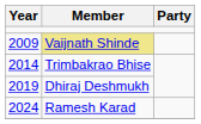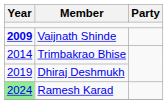 <table class ="wikitable">
 <tr>
 <th>Year</th>
 <th>Member</th>
 <th colspan=2>Party</th>
 </tr>
 <tr>
 <td colspan="4"></td>
 </tr>
 <tr>
-<td><a href='#'>2009</a></td>
-<td style="background: khaki;"><a href='#'>Vaijnath Shinde</a></td>
+<td><strong><a href='#'>2009</a></strong></td>
+<td><a href='#'>Vaijnath Shinde</a></td>
 <td></td>
 </tr>
 <tr>
 <td><a href='#'>2014</a></td>
 <td><a href='#'>Trimbakrao Bhise</a></td>
 </tr>
 <tr>
 <td><a href='#'>2019</a></td>
 <td><a href='#'>Dhiraj Deshmukh</a></td>
 </tr>
 <tr>
-<td><a href='#'>2024</a></td>
+<td style="background: lightgreen;"><a href='#'>2024</a></td>
 <td><a href='#'>Ramesh Karad</a></td>
 <td></td>
 </tr>
 <tr>
 </tr>
 </table>
